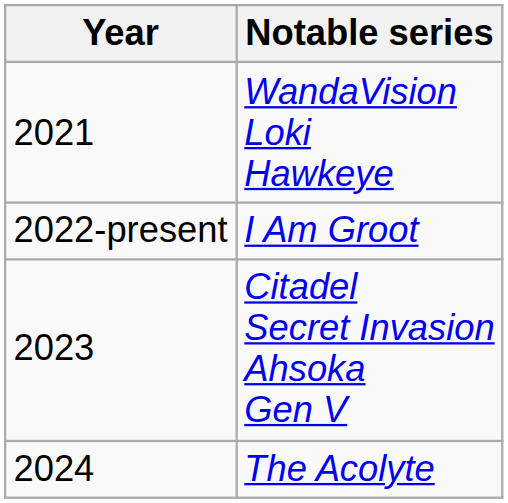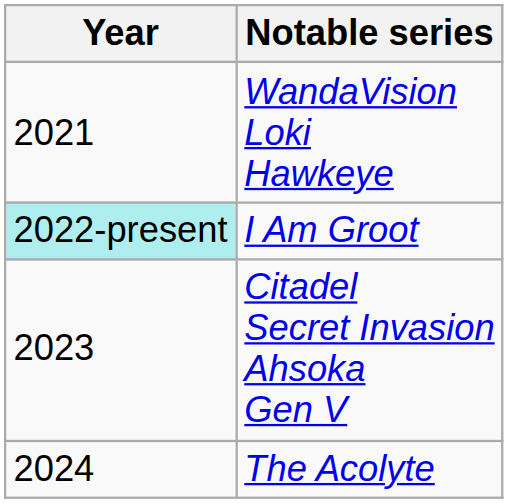 <table class="wikitable">
 <tr>
 <th>Year</th>
 <th>Notable series</th>
 </tr>
 <tr>
 <td>2021</td>
 <td><em><a href='#'>WandaVision</a></em><br><em><a href='#'>Loki</a></em><br><em><a href='#'>Hawkeye</a></em></td>
 </tr>
 <tr>
-<td>2022-present</td>
+<td style="background: paleturquoise;">2022-present</td>
 <td><em><a href='#'>I Am Groot</a></em></td>
 </tr>
 <tr>
 <td>2023</td>
 <td><em><a href='#'>Citadel</a></em><br><em><a href='#'>Secret Invasion</a></em><br><em><a href='#'>Ahsoka</a></em><br><em><a href='#'>Gen V</a></em></td>
 </tr>
 <tr>
 <td>2024</td>
 <td><em><a href='#'>The Acolyte</a></em></td>
 </tr>
 </table>
